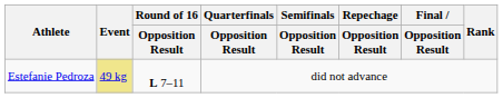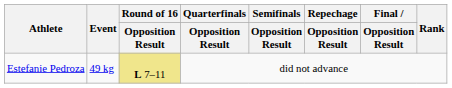 <table class="wikitable" style="font-size:90%">
 <tr>
 <th rowspan="2">Athlete</th>
 <th rowspan="2">Event</th>
 <th>Round of 16</th>
 <th>Quarterfinals</th>
 <th>Semifinals</th>
 <th>Repechage</th>
 <th>Final / </th>
 <th rowspan="2">Rank</th>
 </tr>
 <tr>
 <th>Opposition<br>Result</th>
 <th>Opposition<br>Result</th>
 <th>Opposition<br>Result</th>
 <th>Opposition<br>Result</th>
 <th>Opposition<br>Result</th>
 </tr>
 <tr align=center>
 <td align=left><a href='#'>Estefanie Pedroza</a></td>
-<td align=left style="background: khaki;"><a href='#'>49 kg</a></td>
-<td><br><strong>L</strong> 7–11</td>
+<td align=left><a href='#'>49 kg</a></td>
+<td style="background: khaki;"><br><strong>L</strong> 7–11</td>
 <td colspan=5>did not advance</td>
 </tr>
 </table>
